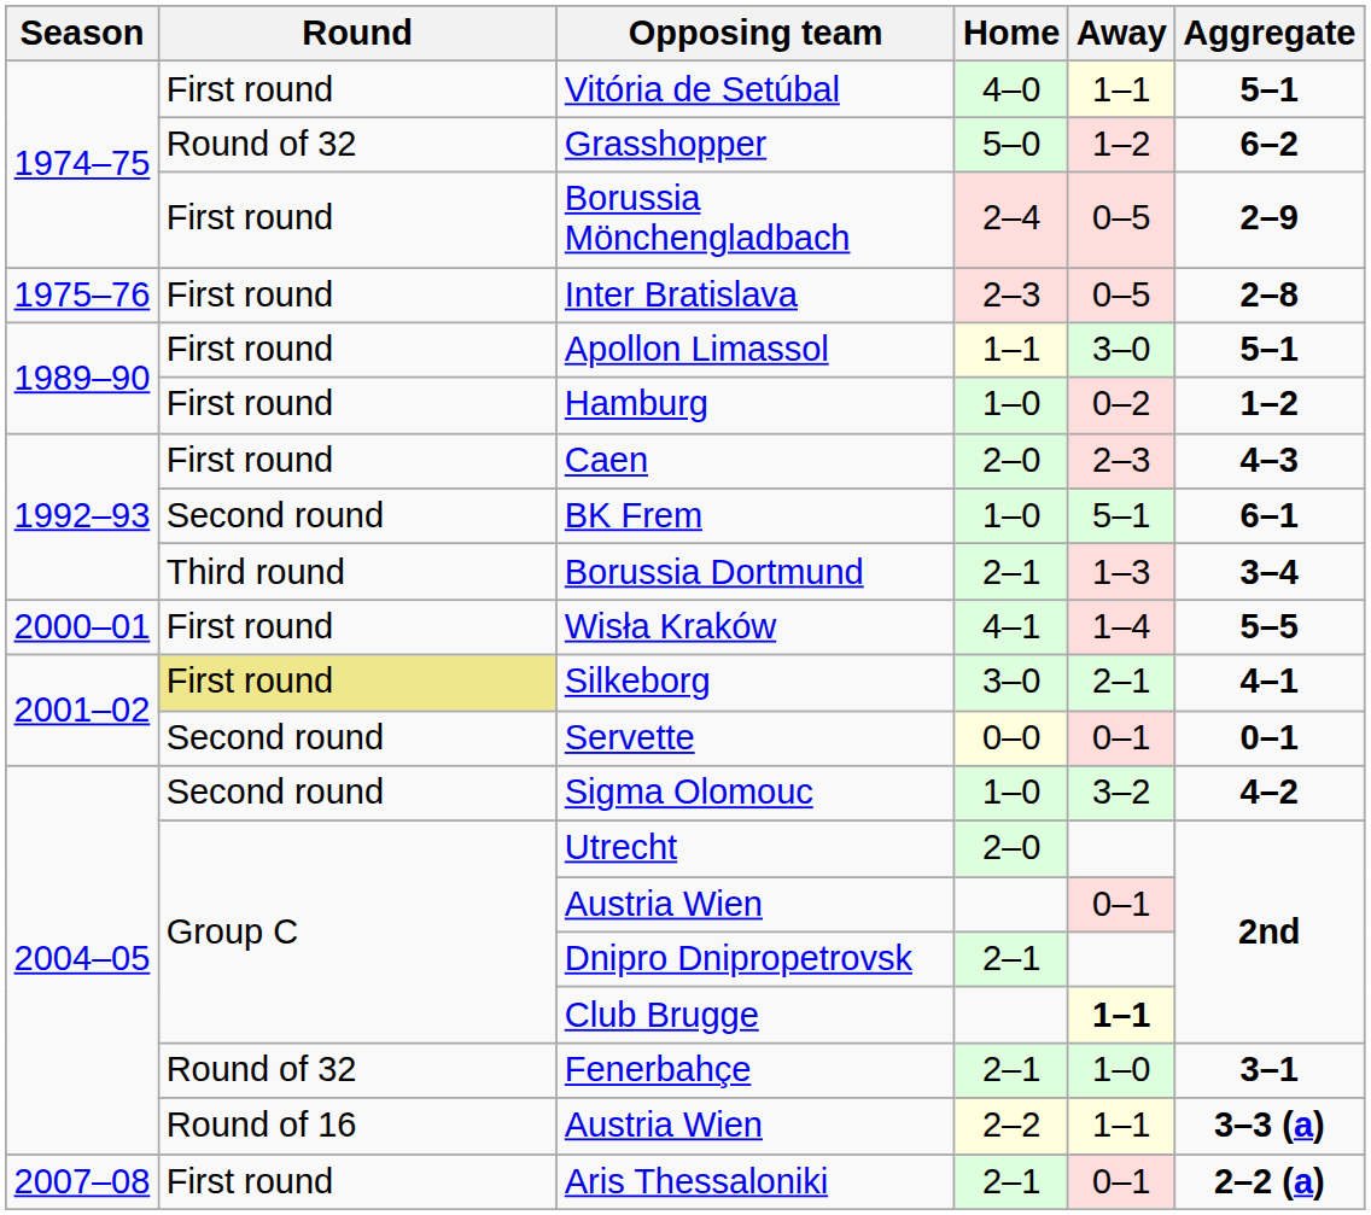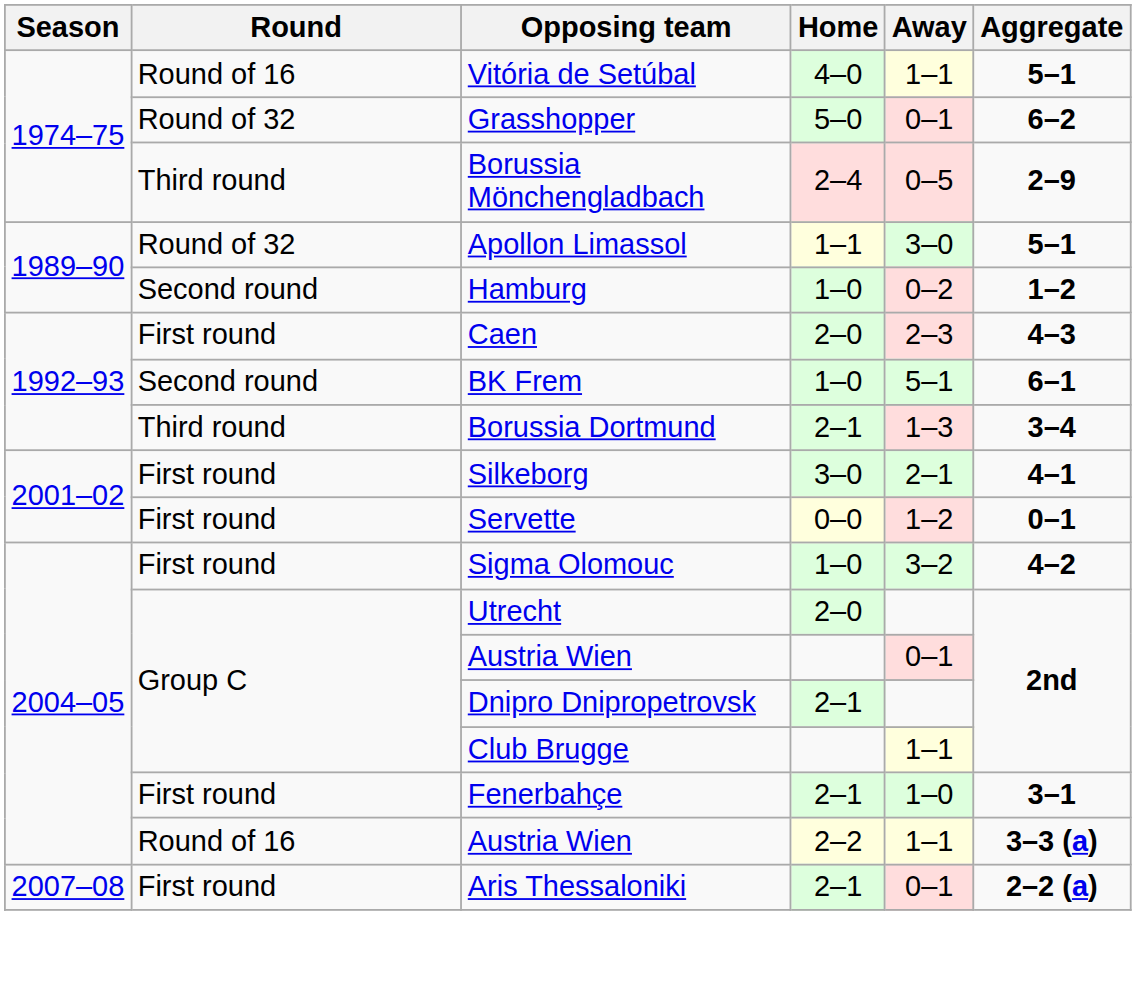 <table class="wikitable">
 <tr>
 <th>Season</th>
 <th width=175>Round</th>
 <th width=175>Opposing team</th>
 <th>Home</th>
 <th>Away</th>
 <th>Aggregate</th>
 </tr>
 <tr>
 <td rowspan="3"><a href='#'>1974–75</a></td>
-<td>First round</td>
+<td>Round of 16</td>
 <td> <a href='#'>Vitória de Setúbal</a></td>
 <td style="text-align:center; background:#dfd;">4–0</td>
 <td style="text-align:center; background:#ffd;">1–1</td>
 <td style="text-align:center;"><strong>5–1</strong></td>
 </tr>
 <tr>
 <td>Round of 32</td>
 <td> <a href='#'>Grasshopper</a></td>
 <td style="text-align:center; background:#dfd;">5–0</td>
-<td style="text-align:center; background:#fdd;">1–2</td>
+<td style="text-align:center; background:#fdd;">0–1</td>
 <td style="text-align:center;"><strong>6–2</strong></td>
 </tr>
 <tr>
-<td>First round</td>
+<td>Third round</td>
 <td> <a href='#'>Borussia Mönchengladbach</a></td>
 <td style="text-align:center; background:#fdd;">2–4</td>
 <td style="text-align:center; background:#fdd;">0–5</td>
 <td style="text-align:center;"><strong>2–9</strong></td>
 </tr>
 <tr>
-<td><a href='#'>1975–76</a></td>
-<td>First round</td>
-<td> <a href='#'>Inter Bratislava</a></td>
-<td style="text-align:center; background:#fdd;">2–3</td>
-<td style="text-align:center; background:#fdd;">0–5</td>
-<td style="text-align:center;"><strong>2–8</strong></td>
-</tr>
-<tr>
 <td rowspan="2"><a href='#'>1989–90</a></td>
-<td>First round</td>
+<td>Round of 32</td>
 <td> <a href='#'>Apollon Limassol</a></td>
 <td style="text-align:center; background:#ffd;">1–1</td>
 <td style="text-align:center; background:#dfd;">3–0</td>
 <td style="text-align:center;"><strong>5–1</strong></td>
 </tr>
 <tr>
-<td>First round</td>
+<td>Second round</td>
 <td> <a href='#'>Hamburg</a></td>
 <td style="text-align:center; background:#dfd;">1–0</td>
 <td style="text-align:center; background:#fdd;">0–2 </td>
 <td style="text-align:center;"><strong>1–2</strong></td>
 </tr>
 <tr>
 <td rowspan="3"><a href='#'>1992–93</a></td>
 <td>First round</td>
 <td> <a href='#'>Caen</a></td>
 <td style="text-align:center; background:#dfd;">2–0</td>
 <td style="text-align:center; background:#fdd;">2–3</td>
 <td style="text-align:center;"><strong>4–3</strong></td>
 </tr>
 <tr>
 <td>Second round</td>
 <td> <a href='#'>BK Frem</a></td>
 <td style="text-align:center; background:#dfd;">1–0</td>
 <td style="text-align:center; background:#dfd;">5–1</td>
 <td style="text-align:center;"><strong>6–1</strong></td>
 </tr>
 <tr>
 <td>Third round</td>
 <td> <a href='#'>Borussia Dortmund</a></td>
 <td style="text-align:center; background:#dfd;">2–1</td>
 <td style="text-align:center; background:#fdd;">1–3</td>
 <td style="text-align:center;"><strong>3–4</strong></td>
 </tr>
 <tr>
-<td><a href='#'>2000–01</a></td>
+<td rowspan="2"><a href='#'>2001–02</a></td>
 <td>First round</td>
-<td> <a href='#'>Wisła Kraków</a></td>
-<td style="text-align:center; background:#dfd;">4–1</td>
-<td style="text-align:center; background:#fdd;">1–4 </td>
-<td style="text-align:center;"><strong>5–5 </strong></td>
-</tr>
-<tr>
-<td rowspan="2"><a href='#'>2001–02</a></td>
-<td style="background: khaki;">First round</td>
 <td> <a href='#'>Silkeborg</a></td>
 <td style="text-align:center; background:#dfd;">3–0</td>
 <td style="text-align:center; background:#dfd;">2–1</td>
 <td style="text-align:center;"><strong>4–1</strong></td>
 </tr>
 <tr>
-<td>Second round</td>
+<td>First round</td>
 <td> <a href='#'>Servette</a></td>
 <td style="text-align:center; background:#ffd;">0–0</td>
-<td style="text-align:center; background:#fdd;">0–1</td>
+<td style="text-align:center; background:#fdd;">1–2</td>
 <td style="text-align:center;"><strong>0–1</strong></td>
 </tr>
 <tr>
 <td rowspan="7"><a href='#'>2004–05</a></td>
-<td>Second round</td>
+<td>First round</td>
 <td> <a href='#'>Sigma Olomouc</a></td>
 <td style="text-align:center; background:#dfd;">1–0</td>
 <td style="text-align:center; background:#dfd;">3–2</td>
 <td style="text-align:center;"><strong>4–2</strong></td>
 </tr>
 <tr>
 <td rowspan=4>Group C</td>
 <td> <a href='#'>Utrecht</a></td>
 <td style="text-align:center; background:#dfd;">2–0</td>
 <td></td>
 <td style="text-align:center;" rowspan=4><strong>2nd</strong></td>
 </tr>
 <tr>
 <td> <a href='#'>Austria Wien</a></td>
 <td></td>
 <td style="text-align:center; background:#fdd;">0–1</td>
 </tr>
 <tr>
 <td> <a href='#'>Dnipro Dnipropetrovsk</a></td>
 <td style="text-align:center; background:#dfd;">2–1</td>
 <td></td>
 </tr>
 <tr>
 <td> <a href='#'>Club Brugge</a></td>
 <td></td>
-<td style="text-align:center; background:#ffd;"><strong>1–1</strong></td>
+<td style="text-align:center; background:#ffd;">1–1</td>
 </tr>
 <tr>
-<td>Round of 32</td>
+<td>First round</td>
 <td> <a href='#'>Fenerbahçe</a></td>
 <td style="text-align:center; background:#dfd;">2–1</td>
 <td style="text-align:center; background:#dfd;">1–0</td>
 <td style="text-align:center;"><strong>3–1</strong></td>
 </tr>
 <tr>
 <td>Round of 16</td>
 <td> <a href='#'>Austria Wien</a></td>
 <td style="text-align:center; background:#ffd;">2–2</td>
 <td style="text-align:center; background:#ffd;">1–1</td>
 <td style="text-align:center;"><strong>3–3 (<a href='#'>a</a>)</strong></td>
 </tr>
 <tr>
 <td><a href='#'>2007–08</a></td>
 <td>First round</td>
 <td> <a href='#'>Aris Thessaloniki</a></td>
 <td style="text-align:center; background:#dfd;">2–1</td>
 <td style="text-align:center; background:#fdd;">0–1</td>
 <td style="text-align:center;"><strong>2–2 (<a href='#'>a</a>)</strong></td>
 </tr>
 </table>
